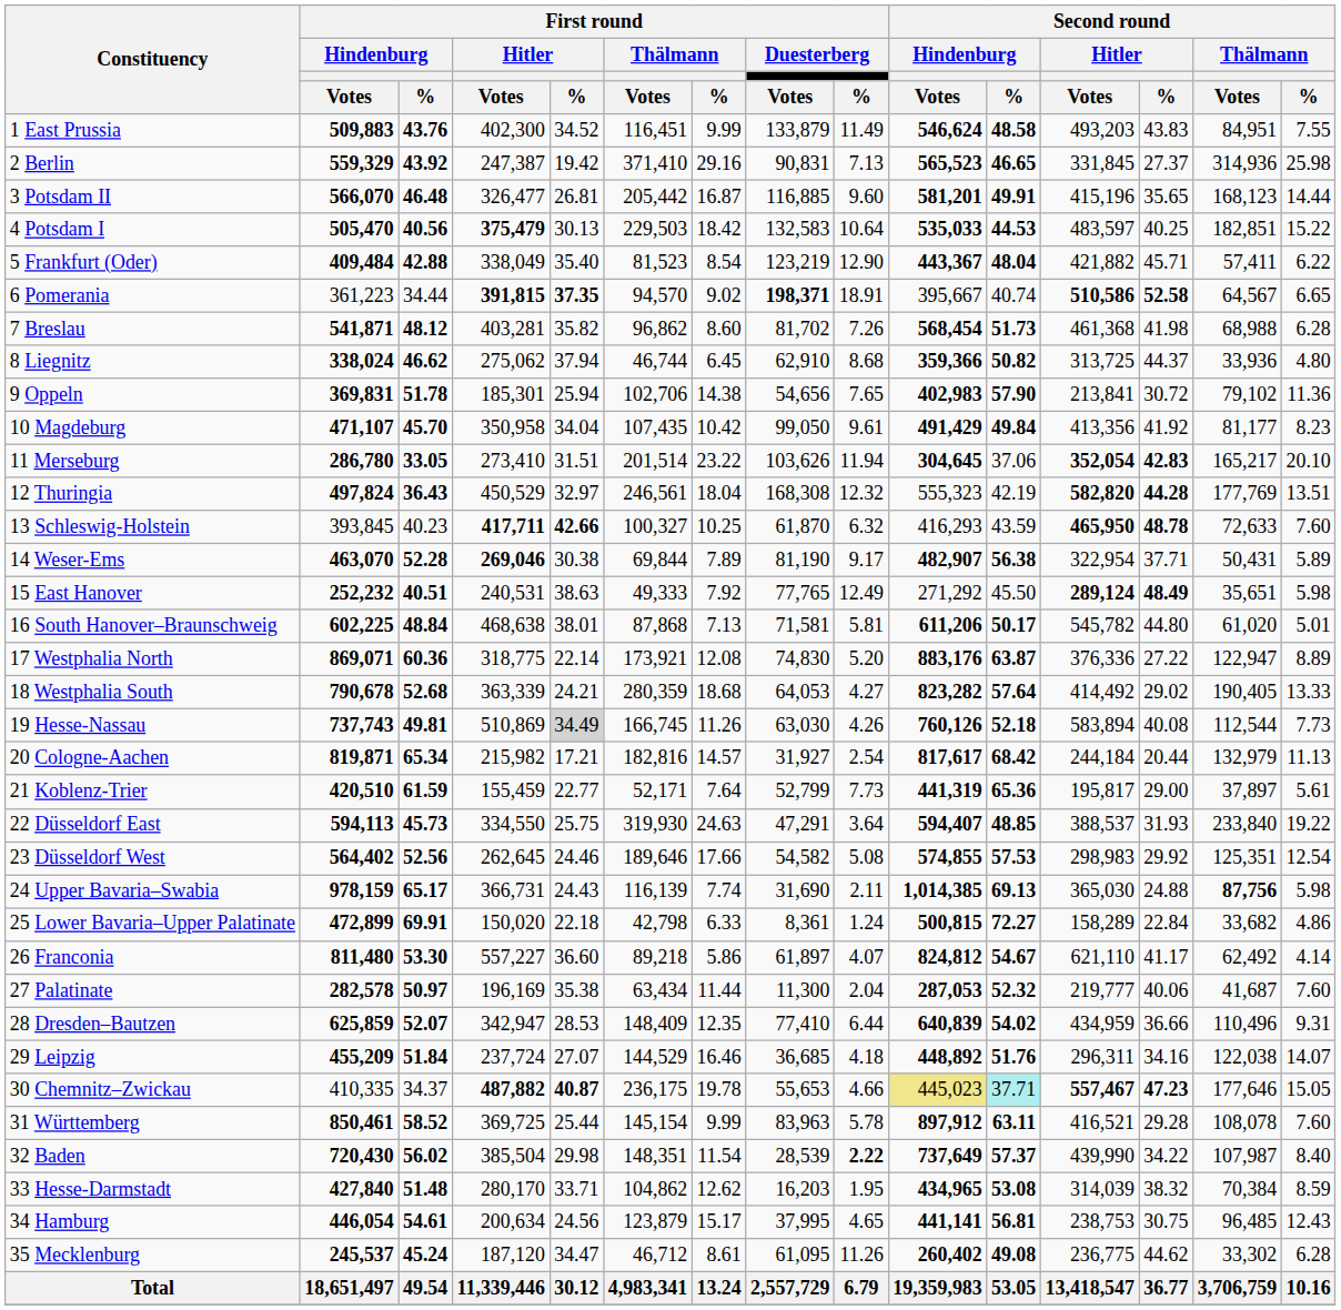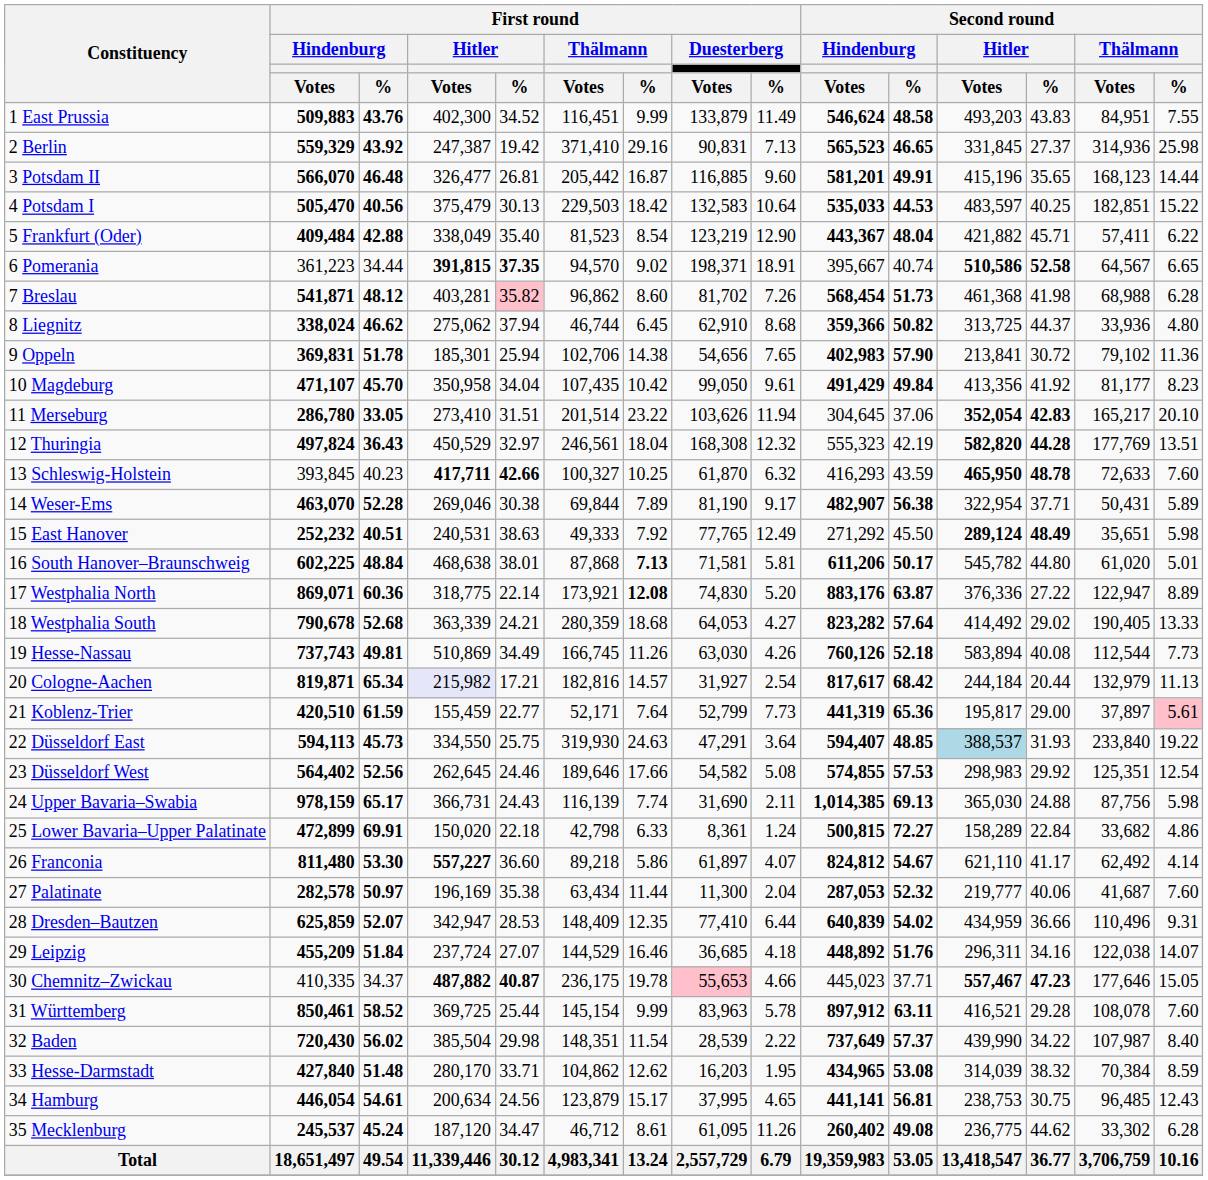 <table class="wikitable sortable" style="text-align:right; font-size:90%; line-height:1.2em;">
 <tr>
 <th rowspan=4>Constituency</th>
 <th colspan=8>First round</th>
 <th colspan=6>Second round</th>
 </tr>
 <tr>
 <th colspan=2><a href='#'>Hindenburg</a><br></th>
 <th colspan=2><a href='#'>Hitler</a><br></th>
 <th colspan=2><a href='#'>Thälmann</a><br></th>
 <th colspan=2><a href='#'>Duesterberg</a><br></th>
 <th colspan=2><a href='#'>Hindenburg</a><br></th>
 <th colspan=2><a href='#'>Hitler</a><br></th>
 <th colspan=2><a href='#'>Thälmann</a><br></th>
 </tr>
 <tr>
 <th colspan=2 style="width:40px; background-color:"></th>
 <th colspan=2 style="width:40px; background-color:"></th>
 <th colspan=2 style="width:40px; background-color:"></th>
 <th colspan=2 style="width:40px; background-color:black;"></th>
 <th colspan=2 style="width:40px; background-color:"></th>
 <th colspan=2 style="width:40px; background-color:"></th>
 <th colspan=2 style="width:40px; background-color:"></th>
 </tr>
 <tr>
 <th>Votes</th>
 <th>%</th>
 <th>Votes</th>
 <th>%</th>
 <th>Votes</th>
 <th>%</th>
 <th>Votes</th>
 <th>%</th>
 <th>Votes</th>
 <th>%</th>
 <th>Votes</th>
 <th>%</th>
 <th>Votes</th>
 <th>%</th>
 </tr>
 <tr>
 <td style="text-align:left;">1 <a href='#'>East Prussia</a></td>
 <td style="background-color:#"><strong>509,883</strong></td>
 <td style="background-color:#"><strong>43.76</strong></td>
 <td>402,300</td>
 <td>34.52</td>
 <td>116,451</td>
 <td>9.99</td>
 <td>133,879</td>
 <td>11.49</td>
 <td style="background-color:#"><strong>546,624</strong></td>
 <td style="background-color:#"><strong>48.58</strong></td>
 <td>493,203</td>
 <td>43.83</td>
 <td>84,951</td>
 <td>7.55</td>
 </tr>
 <tr>
 <td style="text-align:left;">2 <a href='#'>Berlin</a></td>
 <td style="background-color:#"><strong>559,329</strong></td>
 <td style="background-color:#"><strong>43.92</strong></td>
 <td>247,387</td>
 <td>19.42</td>
 <td>371,410</td>
 <td>29.16</td>
 <td>90,831</td>
 <td>7.13</td>
 <td style="background-color:#"><strong>565,523</strong></td>
 <td style="background-color:#"><strong>46.65</strong></td>
 <td>331,845</td>
 <td>27.37</td>
 <td>314,936</td>
 <td>25.98</td>
 </tr>
 <tr>
 <td style="text-align:left;">3 <a href='#'>Potsdam II</a></td>
 <td style="background-color:#"><strong>566,070</strong></td>
 <td style="background-color:#"><strong>46.48</strong></td>
 <td>326,477</td>
 <td>26.81</td>
 <td>205,442</td>
 <td>16.87</td>
 <td>116,885</td>
 <td>9.60</td>
 <td style="background-color:#"><strong>581,201</strong></td>
 <td style="background-color:#"><strong>49.91</strong></td>
 <td>415,196</td>
 <td>35.65</td>
 <td>168,123</td>
 <td>14.44</td>
 </tr>
 <tr>
 <td style="text-align:left;">4 <a href='#'>Potsdam I</a></td>
 <td style="background-color:#"><strong>505,470</strong></td>
 <td style="background-color:#"><strong>40.56</strong></td>
-<td><strong>375,479</strong></td>
+<td>375,479</td>
 <td>30.13</td>
 <td>229,503</td>
 <td>18.42</td>
 <td>132,583</td>
 <td>10.64</td>
 <td style="background-color:#"><strong>535,033</strong></td>
 <td style="background-color:#"><strong>44.53</strong></td>
 <td>483,597</td>
 <td>40.25</td>
 <td>182,851</td>
 <td>15.22</td>
 </tr>
 <tr>
 <td style="text-align:left;">5 <a href='#'>Frankfurt (Oder)</a></td>
 <td style="background-color:#"><strong>409,484</strong></td>
 <td style="background-color:#"><strong>42.88</strong></td>
 <td>338,049</td>
 <td>35.40</td>
 <td>81,523</td>
 <td>8.54</td>
 <td>123,219</td>
 <td>12.90</td>
 <td style="background-color:#"><strong>443,367</strong></td>
 <td style="background-color:#"><strong>48.04</strong></td>
 <td>421,882</td>
 <td>45.71</td>
 <td>57,411</td>
 <td>6.22</td>
 </tr>
 <tr>
 <td style="text-align:left;">6 <a href='#'>Pomerania</a></td>
 <td>361,223</td>
 <td>34.44</td>
 <td style="background-color:#"><strong>391,815</strong></td>
 <td style="background-color:#"><strong>37.35</strong></td>
 <td>94,570</td>
 <td>9.02</td>
-<td><strong>198,371</strong></td>
+<td>198,371</td>
 <td>18.91</td>
 <td>395,667</td>
 <td>40.74</td>
 <td style="background-color:#"><strong>510,586</strong></td>
 <td style="background-color:#"><strong>52.58</strong></td>
 <td>64,567</td>
 <td>6.65</td>
 </tr>
 <tr>
 <td style="text-align:left;">7 <a href='#'>Breslau</a></td>
 <td style="background-color:#"><strong>541,871</strong></td>
 <td style="background-color:#"><strong>48.12</strong></td>
 <td>403,281</td>
-<td>35.82</td>
+<td style="background: pink;">35.82</td>
 <td>96,862</td>
 <td>8.60</td>
 <td>81,702</td>
 <td>7.26</td>
 <td style="background-color:#"><strong>568,454</strong></td>
 <td style="background-color:#"><strong>51.73</strong></td>
 <td>461,368</td>
 <td>41.98</td>
 <td>68,988</td>
 <td>6.28</td>
 </tr>
 <tr>
 <td style="text-align:left;">8 <a href='#'>Liegnitz</a></td>
 <td style="background-color:#"><strong>338,024</strong></td>
 <td style="background-color:#"><strong>46.62</strong></td>
 <td>275,062</td>
 <td>37.94</td>
 <td>46,744</td>
 <td>6.45</td>
 <td>62,910</td>
 <td>8.68</td>
 <td style="background-color:#"><strong>359,366</strong></td>
 <td style="background-color:#"><strong>50.82</strong></td>
 <td>313,725</td>
 <td>44.37</td>
 <td>33,936</td>
 <td>4.80</td>
 </tr>
 <tr>
 <td style="text-align:left;">9 <a href='#'>Oppeln</a></td>
 <td style="background-color:#"><strong>369,831</strong></td>
 <td style="background-color:#"><strong>51.78</strong></td>
 <td>185,301</td>
 <td>25.94</td>
 <td>102,706</td>
 <td>14.38</td>
 <td>54,656</td>
 <td>7.65</td>
 <td style="background-color:#"><strong>402,983</strong></td>
 <td style="background-color:#"><strong>57.90</strong></td>
 <td>213,841</td>
 <td>30.72</td>
 <td>79,102</td>
 <td>11.36</td>
 </tr>
 <tr>
 <td style="text-align:left;">10 <a href='#'>Magdeburg</a></td>
 <td style="background-color:#"><strong>471,107</strong></td>
 <td style="background-color:#"><strong>45.70</strong></td>
 <td>350,958</td>
 <td>34.04</td>
 <td>107,435</td>
 <td>10.42</td>
 <td>99,050</td>
 <td>9.61</td>
 <td style="background-color:#"><strong>491,429</strong></td>
 <td style="background-color:#"><strong>49.84</strong></td>
 <td>413,356</td>
 <td>41.92</td>
 <td>81,177</td>
 <td>8.23</td>
 </tr>
 <tr>
 <td style="text-align:left;">11 <a href='#'>Merseburg</a></td>
 <td style="background-color:#"><strong>286,780</strong></td>
 <td style="background-color:#"><strong>33.05</strong></td>
 <td>273,410</td>
 <td>31.51</td>
 <td>201,514</td>
 <td>23.22</td>
 <td>103,626</td>
 <td>11.94</td>
-<td><strong>304,645</strong></td>
+<td>304,645</td>
 <td>37.06</td>
 <td style="background-color:#"><strong>352,054</strong></td>
 <td style="background-color:#"><strong>42.83</strong></td>
 <td>165,217</td>
 <td>20.10</td>
 </tr>
 <tr>
 <td style="text-align:left;">12 <a href='#'>Thuringia</a></td>
 <td style="background-color:#"><strong>497,824</strong></td>
 <td style="background-color:#"><strong>36.43</strong></td>
 <td>450,529</td>
 <td>32.97</td>
 <td>246,561</td>
 <td>18.04</td>
 <td>168,308</td>
 <td>12.32</td>
 <td>555,323</td>
 <td>42.19</td>
 <td style="background-color:#"><strong>582,820</strong></td>
 <td style="background-color:#"><strong>44.28</strong></td>
 <td>177,769</td>
 <td>13.51</td>
 </tr>
 <tr>
 <td style="text-align:left;">13 <a href='#'>Schleswig-Holstein</a></td>
 <td>393,845</td>
 <td>40.23</td>
 <td style="background-color:#"><strong>417,711</strong></td>
 <td style="background-color:#"><strong>42.66</strong></td>
 <td>100,327</td>
 <td>10.25</td>
 <td>61,870</td>
 <td>6.32</td>
 <td>416,293</td>
 <td>43.59</td>
 <td style="background-color:#"><strong>465,950</strong></td>
 <td style="background-color:#"><strong>48.78</strong></td>
 <td>72,633</td>
 <td>7.60</td>
 </tr>
 <tr>
 <td style="text-align:left;">14 <a href='#'>Weser-Ems</a></td>
 <td style="background-color:#"><strong>463,070</strong></td>
 <td style="background-color:#"><strong>52.28</strong></td>
-<td><strong>269,046</strong></td>
+<td>269,046</td>
 <td>30.38</td>
 <td>69,844</td>
 <td>7.89</td>
 <td>81,190</td>
 <td>9.17</td>
 <td style="background-color:#"><strong>482,907</strong></td>
 <td style="background-color:#"><strong>56.38</strong></td>
 <td>322,954</td>
 <td>37.71</td>
 <td>50,431</td>
 <td>5.89</td>
 </tr>
 <tr>
 <td style="text-align:left;">15 <a href='#'>East Hanover</a></td>
 <td style="background-color:#"><strong>252,232</strong></td>
 <td style="background-color:#"><strong>40.51</strong></td>
 <td>240,531</td>
 <td>38.63</td>
 <td>49,333</td>
 <td>7.92</td>
 <td>77,765</td>
 <td>12.49</td>
 <td>271,292</td>
 <td>45.50</td>
 <td style="background-color:#"><strong>289,124</strong></td>
 <td style="background-color:#"><strong>48.49</strong></td>
 <td>35,651</td>
 <td>5.98</td>
 </tr>
 <tr>
 <td style="text-align:left;">16 <a href='#'>South Hanover–Braunschweig</a></td>
 <td style="background-color:#"><strong>602,225</strong></td>
 <td style="background-color:#"><strong>48.84</strong></td>
 <td>468,638</td>
 <td>38.01</td>
 <td>87,868</td>
-<td>7.13</td>
+<td><strong>7.13</strong></td>
 <td>71,581</td>
 <td>5.81</td>
 <td style="background-color:#"><strong>611,206</strong></td>
 <td style="background-color:#"><strong>50.17</strong></td>
 <td>545,782</td>
 <td>44.80</td>
 <td>61,020</td>
 <td>5.01</td>
 </tr>
 <tr>
 <td style="text-align:left;">17 <a href='#'>Westphalia North</a></td>
 <td style="background-color:#"><strong>869,071</strong></td>
 <td style="background-color:#"><strong>60.36</strong></td>
 <td>318,775</td>
 <td>22.14</td>
 <td>173,921</td>
-<td>12.08</td>
+<td><strong>12.08</strong></td>
 <td>74,830</td>
 <td>5.20</td>
 <td style="background-color:#"><strong>883,176</strong></td>
 <td style="background-color:#"><strong>63.87</strong></td>
 <td>376,336</td>
 <td>27.22</td>
 <td>122,947</td>
 <td>8.89</td>
 </tr>
 <tr>
 <td style="text-align:left;">18 <a href='#'>Westphalia South</a></td>
 <td style="background-color:#"><strong>790,678</strong></td>
 <td style="background-color:#"><strong>52.68</strong></td>
 <td>363,339</td>
 <td>24.21</td>
 <td>280,359</td>
 <td>18.68</td>
 <td>64,053</td>
 <td>4.27</td>
 <td style="background-color:#"><strong>823,282</strong></td>
 <td style="background-color:#"><strong>57.64</strong></td>
 <td>414,492</td>
 <td>29.02</td>
 <td>190,405</td>
 <td>13.33</td>
 </tr>
 <tr>
 <td style="text-align:left;">19 <a href='#'>Hesse-Nassau</a></td>
 <td style="background-color:#"><strong>737,743</strong></td>
 <td style="background-color:#"><strong>49.81</strong></td>
 <td>510,869</td>
-<td style="background: lightgrey;">34.49</td>
+<td>34.49</td>
 <td>166,745</td>
 <td>11.26</td>
 <td>63,030</td>
 <td>4.26</td>
 <td style="background-color:#"><strong>760,126</strong></td>
 <td style="background-color:#"><strong>52.18</strong></td>
 <td>583,894</td>
 <td>40.08</td>
 <td>112,544</td>
 <td>7.73</td>
 </tr>
 <tr>
 <td style="text-align:left;">20 <a href='#'>Cologne-Aachen</a></td>
 <td style="background-color:#"><strong>819,871</strong></td>
 <td style="background-color:#"><strong>65.34</strong></td>
-<td>215,982</td>
+<td style="background: lavender;">215,982</td>
 <td>17.21</td>
 <td>182,816</td>
 <td>14.57</td>
 <td>31,927</td>
 <td>2.54</td>
 <td style="background-color:#"><strong>817,617</strong></td>
 <td style="background-color:#"><strong>68.42</strong></td>
 <td>244,184</td>
 <td>20.44</td>
 <td>132,979</td>
 <td>11.13</td>
 </tr>
 <tr>
 <td style="text-align:left;">21 <a href='#'>Koblenz-Trier</a></td>
 <td style="background-color:#"><strong>420,510</strong></td>
 <td style="background-color:#"><strong>61.59</strong></td>
 <td>155,459</td>
 <td>22.77</td>
 <td>52,171</td>
 <td>7.64</td>
 <td>52,799</td>
 <td>7.73</td>
 <td style="background-color:#"><strong>441,319</strong></td>
 <td style="background-color:#"><strong>65.36</strong></td>
 <td>195,817</td>
 <td>29.00</td>
 <td>37,897</td>
-<td>5.61</td>
+<td style="background: pink;">5.61</td>
 </tr>
 <tr>
 <td style="text-align:left;">22 <a href='#'>Düsseldorf East</a></td>
 <td style="background-color:#"><strong>594,113</strong></td>
 <td style="background-color:#"><strong>45.73</strong></td>
 <td>334,550</td>
 <td>25.75</td>
 <td>319,930</td>
 <td>24.63</td>
 <td>47,291</td>
 <td>3.64</td>
 <td style="background-color:#"><strong>594,407</strong></td>
 <td style="background-color:#"><strong>48.85</strong></td>
-<td>388,537</td>
+<td style="background: lightblue;">388,537</td>
 <td>31.93</td>
 <td>233,840</td>
 <td>19.22</td>
 </tr>
 <tr>
 <td style="text-align:left;">23 <a href='#'>Düsseldorf West</a></td>
 <td style="background-color:#"><strong>564,402</strong></td>
 <td style="background-color:#"><strong>52.56</strong></td>
 <td>262,645</td>
 <td>24.46</td>
 <td>189,646</td>
 <td>17.66</td>
 <td>54,582</td>
 <td>5.08</td>
 <td style="background-color:#"><strong>574,855</strong></td>
 <td style="background-color:#"><strong>57.53</strong></td>
 <td>298,983</td>
 <td>29.92</td>
 <td>125,351</td>
 <td>12.54</td>
 </tr>
 <tr>
 <td style="text-align:left;">24 <a href='#'>Upper Bavaria–Swabia</a></td>
 <td style="background-color:#"><strong>978,159</strong></td>
 <td style="background-color:#"><strong>65.17</strong></td>
 <td>366,731</td>
 <td>24.43</td>
 <td>116,139</td>
 <td>7.74</td>
 <td>31,690</td>
 <td>2.11</td>
 <td style="background-color:#"><strong>1,014,385</strong></td>
 <td style="background-color:#"><strong>69.13</strong></td>
 <td>365,030</td>
 <td>24.88</td>
-<td><strong>87,756</strong></td>
+<td>87,756</td>
 <td>5.98</td>
 </tr>
 <tr>
 <td style="text-align:left;">25 <a href='#'>Lower Bavaria–Upper Palatinate</a></td>
 <td style="background-color:#"><strong>472,899</strong></td>
 <td style="background-color:#"><strong>69.91</strong></td>
 <td>150,020</td>
 <td>22.18</td>
 <td>42,798</td>
 <td>6.33</td>
 <td>8,361</td>
 <td>1.24</td>
 <td style="background-color:#"><strong>500,815</strong></td>
 <td style="background-color:#"><strong>72.27</strong></td>
 <td>158,289</td>
 <td>22.84</td>
 <td>33,682</td>
 <td>4.86</td>
 </tr>
 <tr>
 <td style="text-align:left;">26 <a href='#'>Franconia</a></td>
 <td style="background-color:#"><strong>811,480</strong></td>
 <td style="background-color:#"><strong>53.30</strong></td>
-<td>557,227</td>
+<td><strong>557,227</strong></td>
 <td>36.60</td>
 <td>89,218</td>
 <td>5.86</td>
 <td>61,897</td>
 <td>4.07</td>
 <td style="background-color:#"><strong>824,812</strong></td>
 <td style="background-color:#"><strong>54.67</strong></td>
 <td>621,110</td>
 <td>41.17</td>
 <td>62,492</td>
 <td>4.14</td>
 </tr>
 <tr>
 <td style="text-align:left;">27 <a href='#'>Palatinate</a></td>
 <td style="background-color:#"><strong>282,578</strong></td>
 <td style="background-color:#"><strong>50.97</strong></td>
 <td>196,169</td>
 <td>35.38</td>
 <td>63,434</td>
 <td>11.44</td>
 <td>11,300</td>
 <td>2.04</td>
 <td style="background-color:#"><strong>287,053</strong></td>
 <td style="background-color:#"><strong>52.32</strong></td>
 <td>219,777</td>
 <td>40.06</td>
 <td>41,687</td>
 <td>7.60</td>
 </tr>
 <tr>
 <td style="text-align:left;">28 <a href='#'>Dresden–Bautzen</a></td>
 <td style="background-color:#"><strong>625,859</strong></td>
 <td style="background-color:#"><strong>52.07</strong></td>
 <td>342,947</td>
 <td>28.53</td>
 <td>148,409</td>
 <td>12.35</td>
 <td>77,410</td>
 <td>6.44</td>
 <td style="background-color:#"><strong>640,839</strong></td>
 <td style="background-color:#"><strong>54.02</strong></td>
 <td>434,959</td>
 <td>36.66</td>
 <td>110,496</td>
 <td>9.31</td>
 </tr>
 <tr>
 <td style="text-align:left;">29 <a href='#'>Leipzig</a></td>
 <td style="background-color:#"><strong>455,209</strong></td>
 <td style="background-color:#"><strong>51.84</strong></td>
 <td>237,724</td>
 <td>27.07</td>
 <td>144,529</td>
 <td>16.46</td>
 <td>36,685</td>
 <td>4.18</td>
 <td style="background-color:#"><strong>448,892</strong></td>
 <td style="background-color:#"><strong>51.76</strong></td>
 <td>296,311</td>
 <td>34.16</td>
 <td>122,038</td>
 <td>14.07</td>
 </tr>
 <tr>
 <td style="text-align:left;">30 <a href='#'>Chemnitz–Zwickau</a></td>
 <td>410,335</td>
 <td>34.37</td>
 <td style="background-color:#"><strong>487,882</strong></td>
 <td style="background-color:#"><strong>40.87</strong></td>
 <td>236,175</td>
 <td>19.78</td>
-<td>55,653</td>
+<td style="background: pink;">55,653</td>
 <td>4.66</td>
-<td style="background: khaki;">445,023</td>
-<td style="background: paleturquoise;">37.71</td>
+<td>445,023</td>
+<td>37.71</td>
 <td style="background-color:#"><strong>557,467</strong></td>
 <td style="background-color:#"><strong>47.23</strong></td>
 <td>177,646</td>
 <td>15.05</td>
 </tr>
 <tr>
 <td style="text-align:left;">31 <a href='#'>Württemberg</a></td>
 <td style="background-color:#"><strong>850,461</strong></td>
 <td style="background-color:#"><strong>58.52</strong></td>
 <td>369,725</td>
 <td>25.44</td>
 <td>145,154</td>
 <td>9.99</td>
 <td>83,963</td>
 <td>5.78</td>
 <td style="background-color:#"><strong>897,912</strong></td>
 <td style="background-color:#"><strong>63.11</strong></td>
 <td>416,521</td>
 <td>29.28</td>
 <td>108,078</td>
 <td>7.60</td>
 </tr>
 <tr>
 <td style="text-align:left;">32 <a href='#'>Baden</a></td>
 <td style="background-color:#"><strong>720,430</strong></td>
 <td style="background-color:#"><strong>56.02</strong></td>
 <td>385,504</td>
 <td>29.98</td>
 <td>148,351</td>
 <td>11.54</td>
 <td>28,539</td>
-<td><strong>2.22</strong></td>
+<td>2.22</td>
 <td style="background-color:#"><strong>737,649</strong></td>
 <td style="background-color:#"><strong>57.37</strong></td>
 <td>439,990</td>
 <td>34.22</td>
 <td>107,987</td>
 <td>8.40</td>
 </tr>
 <tr>
 <td style="text-align:left;">33 <a href='#'>Hesse-Darmstadt</a></td>
 <td style="background-color:#"><strong>427,840</strong></td>
 <td style="background-color:#"><strong>51.48</strong></td>
 <td>280,170</td>
 <td>33.71</td>
 <td>104,862</td>
 <td>12.62</td>
 <td>16,203</td>
 <td>1.95</td>
 <td style="background-color:#"><strong>434,965</strong></td>
 <td style="background-color:#"><strong>53.08</strong></td>
 <td>314,039</td>
 <td>38.32</td>
 <td>70,384</td>
 <td>8.59</td>
 </tr>
 <tr>
 <td style="text-align:left;">34 <a href='#'>Hamburg</a></td>
 <td style="background-color:#"><strong>446,054</strong></td>
 <td style="background-color:#"><strong>54.61</strong></td>
 <td>200,634</td>
 <td>24.56</td>
 <td>123,879</td>
 <td>15.17</td>
 <td>37,995</td>
 <td>4.65</td>
 <td style="background-color:#"><strong>441,141</strong></td>
 <td style="background-color:#"><strong>56.81</strong></td>
 <td>238,753</td>
 <td>30.75</td>
 <td>96,485</td>
 <td>12.43</td>
 </tr>
 <tr>
 <td style="text-align:left;">35 <a href='#'>Mecklenburg</a></td>
 <td style="background-color:#"><strong>245,537</strong></td>
 <td style="background-color:#"><strong>45.24</strong></td>
 <td>187,120</td>
 <td>34.47</td>
 <td>46,712</td>
 <td>8.61</td>
 <td>61,095</td>
 <td>11.26</td>
 <td style="background-color:#"><strong>260,402</strong></td>
 <td style="background-color:#"><strong>49.08</strong></td>
 <td>236,775</td>
 <td>44.62</td>
 <td>33,302</td>
 <td>6.28</td>
 </tr>
 <tr>
 <th>Total</th>
 <th style="background-color:#"><strong>18,651,497</strong></th>
 <th style="background-color:#"><strong>49.54</strong></th>
 <th>11,339,446</th>
 <th>30.12</th>
 <th>4,983,341</th>
 <th>13.24</th>
 <th>2,557,729</th>
 <th>6.79</th>
 <th style="background-color:#"><strong>19,359,983</strong></th>
 <th style="background-color:#"><strong>53.05</strong></th>
 <th>13,418,547</th>
 <th>36.77</th>
 <th>3,706,759</th>
 <th>10.16</th>
 </tr>
 <tr>
 </tr>
 </table>
